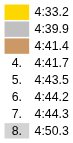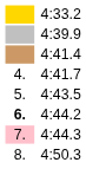 <table style="text-align:center">
 <tr>
 <td width=30 style="background:gold;"></td>
 <td align=left></td>
 <td>4:33.2</td>
 </tr>
 <tr>
 <td style="background:silver;"></td>
 <td align=left></td>
 <td>4:39.9</td>
 </tr>
 <tr>
 <td style="background:#cc9966;"></td>
 <td align=left></td>
 <td>4:41.4</td>
 </tr>
 <tr>
 <td>4.</td>
 <td align=left></td>
 <td>4:41.7</td>
 </tr>
 <tr>
 <td>5.</td>
 <td align=left></td>
 <td>4:43.5</td>
 </tr>
 <tr>
-<td>6.</td>
+<td><strong>6.</strong></td>
 <td align=left></td>
 <td>4:44.2</td>
 </tr>
 <tr>
-<td>7.</td>
+<td style="background: pink;">7.</td>
 <td align=left></td>
 <td>4:44.3</td>
 </tr>
 <tr>
-<td style="background: lightgrey;">8.</td>
+<td>8.</td>
 <td align=left></td>
 <td>4:50.3</td>
 </tr>
 </table>
